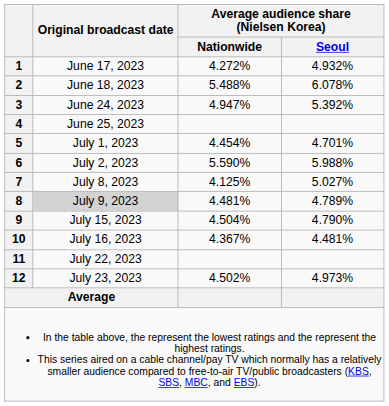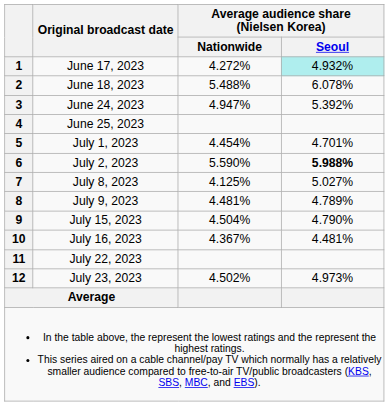 <table class="wikitable" style="margin-left:auto; margin-right:auto; width:500px; text-align:center">
 <tr>
 <th scope="col" rowspan="2"></th>
 <th scope="col" rowspan="2">Original broadcast date</th>
 <th scope="col" colspan="2">Average audience share<br>(Nielsen Korea)</th>
 </tr>
 <tr>
 <th scope="col" style="width:8em">Nationwide</th>
 <th scope="col" style="width:8em"><a href='#'>Seoul</a></th>
 </tr>
 <tr>
 <th scope="col">1</th>
 <td>June 17, 2023</td>
 <td>4.272% </td>
-<td>4.932% </td>
+<td style="background: paleturquoise;">4.932% </td>
 </tr>
 <tr>
 <th scope="col">2</th>
 <td>June 18, 2023</td>
 <td>5.488% </td>
 <td>6.078% </td>
 </tr>
 <tr>
 <th scope="col">3</th>
 <td>June 24, 2023</td>
 <td>4.947% </td>
 <td>5.392% </td>
 </tr>
 <tr>
 <th scope="col">4</th>
 <td>June 25, 2023</td>
 <td><strong></strong> </td>
 <td><strong></strong> </td>
 </tr>
 <tr>
 <th scope="col">5</th>
 <td>July 1, 2023</td>
 <td>4.454% </td>
 <td>4.701% </td>
 </tr>
 <tr>
 <th scope="col">6</th>
 <td>July 2, 2023</td>
 <td>5.590% </td>
-<td>5.988% </td>
+<td><strong>5.988% </strong></td>
 </tr>
 <tr>
 <th scope="col">7</th>
 <td>July 8, 2023</td>
 <td>4.125% </td>
 <td>5.027% </td>
 </tr>
 <tr>
 <th scope="col">8</th>
-<td style="background: lightgrey;">July 9, 2023</td>
+<td>July 9, 2023</td>
 <td>4.481% </td>
 <td>4.789% </td>
 </tr>
 <tr>
 <th scope="col">9</th>
 <td>July 15, 2023</td>
 <td>4.504% </td>
 <td>4.790% </td>
 </tr>
 <tr>
 <th scope="col">10</th>
 <td>July 16, 2023</td>
 <td>4.367% </td>
 <td>4.481% </td>
 </tr>
 <tr>
 <th scope="col">11</th>
 <td>July 22, 2023</td>
 <td><strong></strong> </td>
 <td><strong></strong> </td>
 </tr>
 <tr>
 <th scope="col">12</th>
 <td>July 23, 2023</td>
 <td>4.502% </td>
 <td>4.973% </td>
 </tr>
 <tr>
 <th colspan="2" scope="col">Average</th>
 <th scope="col"></th>
 <th scope="col"></th>
 </tr>
 <tr>
 <td colspan="4" style="font-size:85%"><br><ul><li>In the table above, the <strong></strong> represent the lowest ratings and the <strong></strong> represent the highest ratings.</li><li>This series aired on a cable channel/pay TV which normally has a relatively smaller audience compared to free-to-air TV/public broadcasters (<a href='#'>KBS</a>, <a href='#'>SBS</a>, <a href='#'>MBC</a>, and <a href='#'>EBS</a>).</li></ul></td>
 </tr>
 </table>
